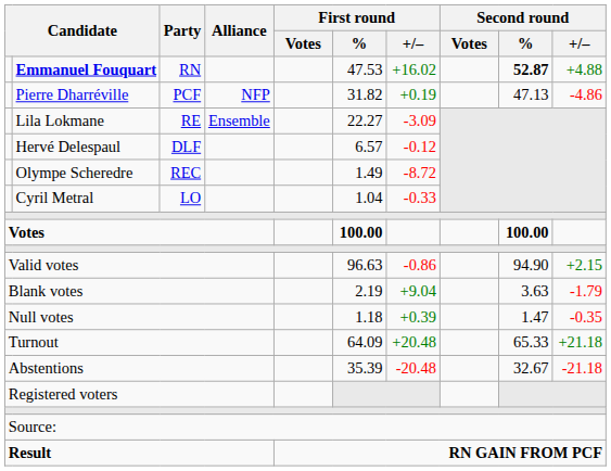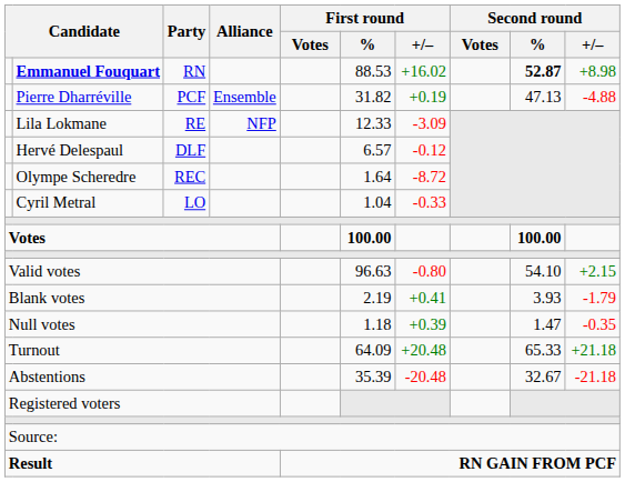 <table class="wikitable" style="text-align:right;font-size:95%;">
 <tr>
 <th rowspan="2" colspan="2">Candidate</th>
 <th colspan="1" rowspan="2">Party</th>
 <th colspan="1" rowspan="2">Alliance</th>
 <th colspan="3">First round</th>
 <th colspan="3">Second round</th>
 </tr>
 <tr>
 <th style="width:50px;">Votes</th>
 <th style="width:45px;">%</th>
 <th style="width:45px;">+/–</th>
 <th style="width:50px;">Votes</th>
 <th style="width:45px;">%</th>
 <th style="width:45px;">+/–</th>
 </tr>
 <tr>
 <td style="color:inherit;background:"></td>
 <td style="text-align:left;"><strong><a href='#'>Emmanuel Fouquart</a></strong></td>
 <td><a href='#'>RN</a></td>
 <td></td>
 <td></td>
-<td>47.53</td>
+<td>88.53</td>
 <td style="color:green;">+16.02</td>
 <td><strong></strong></td>
 <td><strong>52.87</strong></td>
-<td style="color:green;">+4.88</td>
+<td style="color:green;">+8.98</td>
 </tr>
 <tr>
 <td style="color:inherit;background:"></td>
 <td style="text-align:left;"><a href='#'>Pierre Dharréville</a></td>
 <td><a href='#'>PCF</a></td>
-<td><a href='#'>NFP</a></td>
+<td><a href='#'>Ensemble</a></td>
 <td></td>
 <td>31.82</td>
 <td style="color:green;">+0.19</td>
 <td></td>
 <td>47.13</td>
-<td style="color:red;">-4.86</td>
+<td style="color:red;">-4.88</td>
 </tr>
 <tr>
 <td style="color:inherit;background:"></td>
 <td style="text-align:left;">Lila Lokmane</td>
 <td><a href='#'>RE</a></td>
-<td><a href='#'>Ensemble</a></td>
+<td><a href='#'>NFP</a></td>
 <td></td>
-<td>22.27</td>
+<td>12.33</td>
 <td style="color:red;">-3.09</td>
 <td colspan="3" rowspan="4" style="background:#E9E9E9;"></td>
 </tr>
 <tr>
 <td style="color:inherit;background:"></td>
 <td style="text-align:left;">Hervé Delespaul</td>
 <td><a href='#'>DLF</a></td>
 <td></td>
 <td></td>
 <td>6.57</td>
 <td style="color:red;">-0.12</td>
 </tr>
 <tr>
 <td style="color:inherit;background:"></td>
 <td style="text-align:left;">Olympe Scheredre</td>
 <td><a href='#'>REC</a></td>
 <td></td>
 <td></td>
-<td>1.49</td>
+<td>1.64</td>
 <td style="color:red;">-8.72</td>
 </tr>
 <tr>
 <td style="color:inherit;background:"></td>
 <td style="text-align:left;">Cyril Metral</td>
 <td><a href='#'>LO</a></td>
 <td></td>
 <td></td>
 <td>1.04</td>
 <td style="color:red;">-0.33</td>
 </tr>
 <tr>
 <td colspan="10" style="background:#E9E9E9;"></td>
 </tr>
 <tr style="font-weight:bold;">
 <td colspan="4" style="text-align:left;">Votes</td>
 <td></td>
 <td>100.00</td>
 <td></td>
 <td></td>
 <td>100.00</td>
 <td></td>
 </tr>
 <tr>
 <td colspan="10" style="background:#E9E9E9;"></td>
 </tr>
 <tr>
 <td colspan="4" style="text-align:left;">Valid votes</td>
 <td></td>
 <td>96.63</td>
-<td style="color:red;">-0.86</td>
+<td style="color:red;">-0.80</td>
 <td></td>
-<td>94.90</td>
+<td>54.10</td>
 <td style="color:green;">+2.15</td>
 </tr>
 <tr>
 <td colspan="4" style="text-align:left;">Blank votes</td>
 <td></td>
 <td>2.19</td>
-<td style="color:green;">+9.04</td>
+<td style="color:green;">+0.41</td>
 <td></td>
-<td>3.63</td>
+<td>3.93</td>
 <td style="color:red;">-1.79</td>
 </tr>
 <tr>
 <td colspan="4" style="text-align:left;">Null votes</td>
 <td></td>
 <td>1.18</td>
 <td style="color:green;">+0.39</td>
 <td></td>
 <td>1.47</td>
 <td style="color:red;">-0.35</td>
 </tr>
 <tr>
 <td colspan="4" style="text-align:left;">Turnout</td>
 <td></td>
 <td>64.09</td>
 <td style="color:green;">+20.48</td>
 <td></td>
 <td>65.33</td>
 <td style="color:green;">+21.18</td>
 </tr>
 <tr>
 <td colspan="4" style="text-align:left;">Abstentions</td>
 <td></td>
 <td>35.39</td>
 <td style="color:red;">-20.48</td>
 <td></td>
 <td>32.67</td>
 <td style="color:red;">-21.18</td>
 </tr>
 <tr>
 <td colspan="4" style="text-align:left;">Registered voters</td>
 <td></td>
 <td colspan="2" style="background:#E9E9E9;"></td>
 <td></td>
 <td colspan="2" style="background:#E9E9E9;"></td>
 </tr>
 <tr>
 <td colspan="10" style="background:#E9E9E9;"></td>
 </tr>
 <tr>
 <td colspan="10" style="text-align:left;">Source: </td>
 </tr>
 <tr style="font-weight:bold">
 <td colspan="4" style="text-align:left;">Result</td>
 <td colspan="6" style="background-color:">RN GAIN FROM PCF</td>
 </tr>
 </table>
